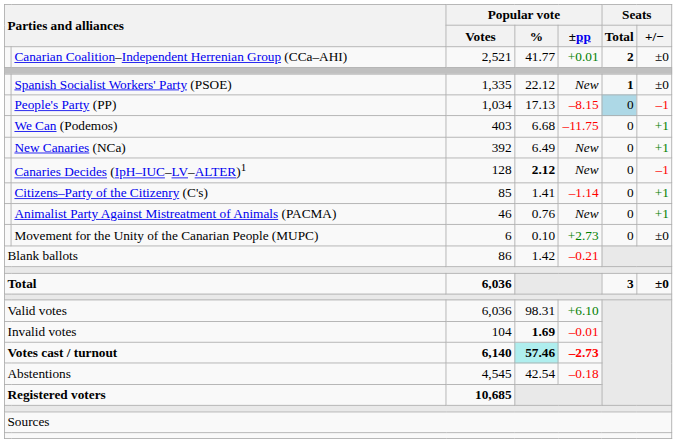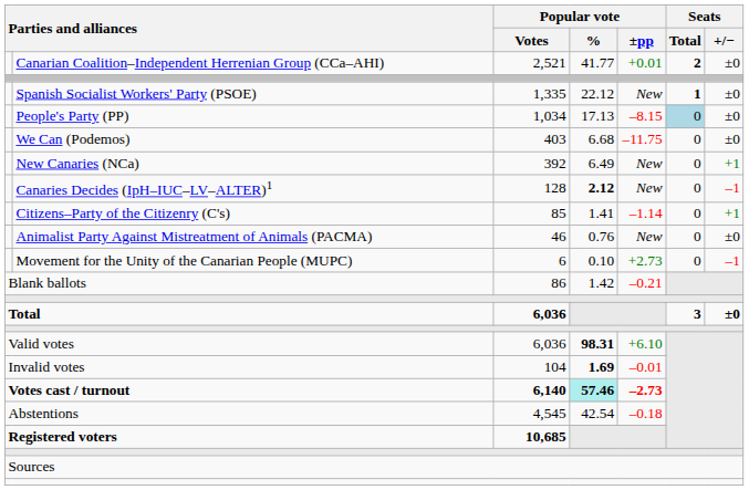 <table class="wikitable" style="text-align:right;">
 <tr>
 <th style="text-align:left;" rowspan="2" colspan="2" width="525">Parties and alliances</th>
 <th colspan="3">Popular vote</th>
 <th colspan="2">Seats</th>
 </tr>
 <tr>
 <th width="75">Votes</th>
 <th width="45">%</th>
 <th width="45">±<a href='#'>pp</a></th>
 <th width="35">Total</th>
 <th width="35">+/−</th>
 </tr>
 <tr>
 <td width="1" style="color:inherit;background:"></td>
 <td align="left"><a href='#'>Canarian Coalition</a>–<a href='#'>Independent Herrenian Group</a> (CCa–AHI)</td>
 <td>2,521</td>
 <td>41.77</td>
 <td style="color:green;">+0.01</td>
 <td><strong>2</strong></td>
 <td>±0</td>
 </tr>
 <tr>
 <td colspan="7" bgcolor="#C0C0C0"></td>
 </tr>
 <tr>
 <td style="color:inherit;background:"></td>
 <td align="left"><a href='#'>Spanish Socialist Workers' Party</a> (PSOE)</td>
 <td>1,335</td>
 <td>22.12</td>
 <td><em>New</em></td>
 <td><strong>1</strong></td>
 <td>±0</td>
 </tr>
 <tr>
 <td style="color:inherit;background:"></td>
 <td align="left"><a href='#'>People's Party</a> (PP)</td>
 <td>1,034</td>
 <td>17.13</td>
 <td style="color:red;">–8.15</td>
 <td style="background: lightblue;">0</td>
-<td style="color:red;">–1</td>
+<td>±0</td>
 </tr>
 <tr>
 <td style="color:inherit;background:"></td>
 <td align="left"><a href='#'>We Can</a> (Podemos)</td>
 <td>403</td>
 <td>6.68</td>
 <td style="color:red;">–11.75</td>
 <td>0</td>
-<td style="color:green;">+1</td>
+<td>±0</td>
 </tr>
 <tr>
 <td style="color:inherit;background:"></td>
 <td align="left"><a href='#'>New Canaries</a> (NCa)</td>
 <td>392</td>
 <td>6.49</td>
 <td><em>New</em></td>
 <td>0</td>
 <td style="color:green;">+1</td>
 </tr>
 <tr>
 <td style="color:inherit;background:"></td>
 <td align="left"><a href='#'>Canaries Decides</a> (<a href='#'>IpH–IUC</a>–<a href='#'>LV</a>–<a href='#'>ALTER</a>)<sup>1</sup></td>
 <td>128</td>
 <td><strong>2.12</strong></td>
 <td><em>New</em></td>
 <td>0</td>
 <td style="color:red;">–1</td>
 </tr>
 <tr>
 <td style="color:inherit;background:"></td>
 <td align="left"><a href='#'>Citizens–Party of the Citizenry</a> (C's)</td>
 <td>85</td>
 <td>1.41</td>
 <td style="color:red;">–1.14</td>
 <td>0</td>
 <td style="color:green;">+1</td>
 </tr>
 <tr>
 <td style="color:inherit;background:"></td>
 <td align="left"><a href='#'>Animalist Party Against Mistreatment of Animals</a> (PACMA)</td>
 <td>46</td>
 <td>0.76</td>
 <td><em>New</em></td>
 <td>0</td>
-<td style="color:green;">+1</td>
+<td>±0</td>
 </tr>
 <tr>
 <td style="color:inherit;background:"></td>
 <td align="left">Movement for the Unity of the Canarian People (MUPC)</td>
 <td>6</td>
 <td>0.10</td>
 <td style="color:green;">+2.73</td>
 <td>0</td>
-<td>±0</td>
+<td style="color:red;">–1</td>
 </tr>
 <tr>
 <td align="left" colspan="2">Blank ballots</td>
 <td>86</td>
 <td>1.42</td>
 <td style="color:red;">–0.21</td>
 <td bgcolor="#E9E9E9" colspan="2"></td>
 </tr>
 <tr>
 <td colspan="7" bgcolor="#E9E9E9"></td>
 </tr>
 <tr style="font-weight:bold;">
 <td align="left" colspan="2">Total</td>
 <td>6,036</td>
 <td bgcolor="#E9E9E9" colspan="2"></td>
 <td>3</td>
 <td>±0</td>
 </tr>
 <tr>
 <td colspan="7" bgcolor="#E9E9E9"></td>
 </tr>
 <tr>
 <td align="left" colspan="2">Valid votes</td>
 <td>6,036</td>
-<td>98.31</td>
+<td><strong>98.31</strong></td>
 <td style="color:green;">+6.10</td>
 <td bgcolor="#E9E9E9" colspan="2" rowspan="5"></td>
 </tr>
 <tr>
 <td align="left" colspan="2">Invalid votes</td>
 <td>104</td>
 <td><strong>1.69</strong></td>
 <td style="color:red;">–0.01</td>
 </tr>
 <tr style="font-weight:bold;">
 <td align="left" colspan="2">Votes cast / turnout</td>
 <td>6,140</td>
 <td style="background: paleturquoise;">57.46</td>
 <td style="color:red;">–2.73</td>
 </tr>
 <tr>
 <td align="left" colspan="2">Abstentions</td>
 <td>4,545</td>
 <td>42.54</td>
 <td style="color:red;">–0.18</td>
 </tr>
 <tr style="font-weight:bold;">
 <td align="left" colspan="2">Registered voters</td>
 <td>10,685</td>
 <td bgcolor="#E9E9E9" colspan="2"></td>
 </tr>
 <tr>
 <td colspan="7" bgcolor="#E9E9E9"></td>
 </tr>
 <tr>
 <td align="left" colspan="7">Sources</td>
 </tr>
 <tr>
 <td colspan="7" style="text-align:left; max-width:790px;"></td>
 </tr>
 </table>
